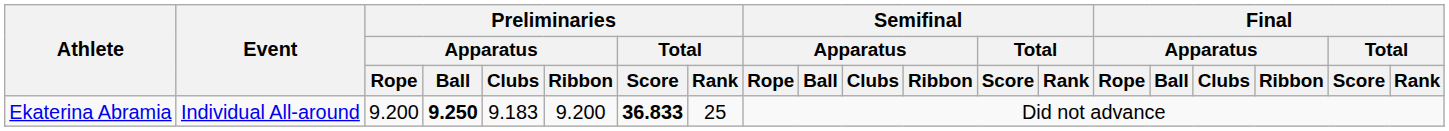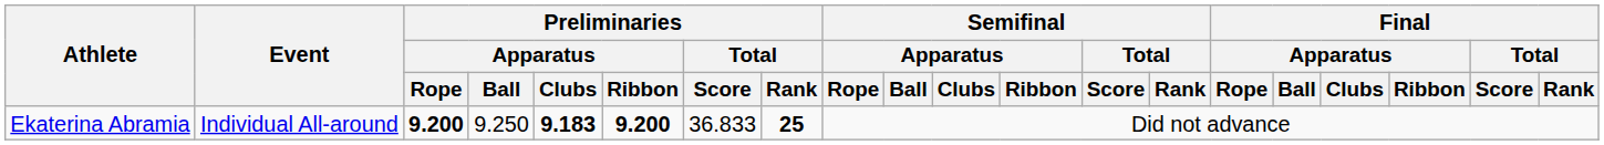 <table class=wikitable style=font-size:90%;text-align:center>
 <tr>
 <th rowspan=3>Athlete</th>
 <th rowspan=3>Event</th>
 <th colspan=6>Preliminaries</th>
 <th colspan=6>Semifinal</th>
 <th colspan=6>Final</th>
 </tr>
 <tr style=font-size:95%>
 <th colspan=4>Apparatus</th>
 <th colspan=2>Total</th>
 <th colspan=4>Apparatus</th>
 <th colspan=2>Total</th>
 <th colspan=4>Apparatus</th>
 <th colspan=2>Total</th>
 </tr>
 <tr style=font-size:95%>
 <th>Rope</th>
 <th>Ball</th>
 <th>Clubs</th>
 <th>Ribbon</th>
 <th>Score</th>
 <th>Rank</th>
 <th>Rope</th>
 <th>Ball</th>
 <th>Clubs</th>
 <th>Ribbon</th>
 <th>Score</th>
 <th>Rank</th>
 <th>Rope</th>
 <th>Ball</th>
 <th>Clubs</th>
 <th>Ribbon</th>
 <th>Score</th>
 <th>Rank</th>
 </tr>
 <tr>
 <td align=left><a href='#'>Ekaterina Abramia</a></td>
 <td align=left><a href='#'>Individual All-around</a></td>
-<td>9.200</td>
-<td><strong>9.250</strong></td>
-<td>9.183</td>
-<td>9.200</td>
-<td><strong>36.833</strong></td>
-<td>25</td>
+<td><strong>9.200</strong></td>
+<td>9.250</td>
+<td><strong>9.183</strong></td>
+<td><strong>9.200</strong></td>
+<td>36.833</td>
+<td><strong>25</strong></td>
 <td colspan=12>Did not advance</td>
 </tr>
 </table>
